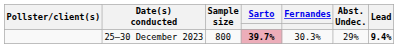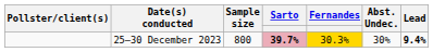 <table class="wikitable" style="text-align:center;font-size:90%;line-height:14px;">
 <tr>
 <th rowspan="2">Pollster/client(s)</th>
 <th rowspan="2">Date(s) <br>conducted</th>
 <th rowspan="2">Sample <br>size</th>
 <th class="unsortable" style="width:50px;"><a href='#'>Sarto</a><br></th>
 <th class="unsortable" style="width:50px;"><a href='#'>Fernandes</a><br></th>
 <th rowspan="2">Abst.<br>Undec.</th>
 <th rowspan="2">Lead</th>
 </tr>
 <tr>
 <th data-sort-type="number" class="sortable" style="background:"></th>
 <th data-sort-type="number" class="sortable" style="background:"></th>
 </tr>
 <tr>
 <td></td>
 <td>25–30 December 2023</td>
 <td>800</td>
 <td style="background:#ecadb9;"><strong>39.7%</strong></td>
-<td>30.3%</td>
-<td>29%</td>
+<td style="background: gold;">30.3%</td>
+<td>30%</td>
 <td style="background:"><strong>9.4%</strong></td>
 </tr>
 </table>
